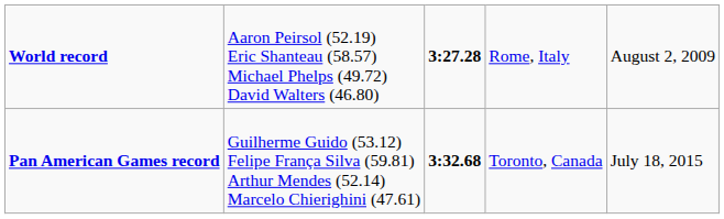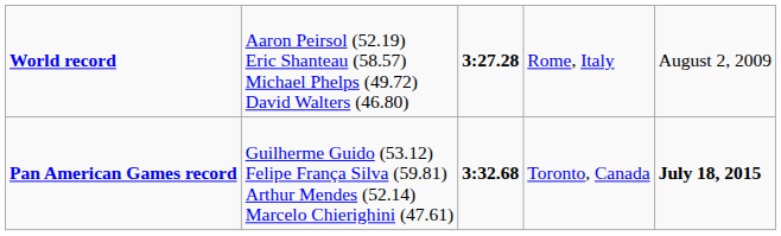 <table class="wikitable">
 <tr>
 <td><strong><a href='#'>World record</a></strong></td>
 <td><br><a href='#'>Aaron Peirsol</a> (52.19)<br><a href='#'>Eric Shanteau</a> (58.57)<br><a href='#'>Michael Phelps</a> (49.72)<br><a href='#'>David Walters</a> (46.80)</td>
 <td><strong>3:27.28</strong></td>
 <td><a href='#'>Rome</a>, <a href='#'>Italy</a></td>
 <td>August 2, 2009</td>
 </tr>
 <tr>
 <td><strong><a href='#'>Pan American Games record</a></strong></td>
 <td><br><a href='#'>Guilherme Guido</a> (53.12)<br><a href='#'>Felipe França Silva</a> (59.81)<br><a href='#'>Arthur Mendes</a> (52.14)<br><a href='#'>Marcelo Chierighini</a> (47.61)</td>
 <td><strong>3:32.68</strong></td>
 <td><a href='#'>Toronto</a>, <a href='#'>Canada</a></td>
-<td>July 18, 2015</td>
+<td><strong>July 18, 2015</strong></td>
 </tr>
 </table>
